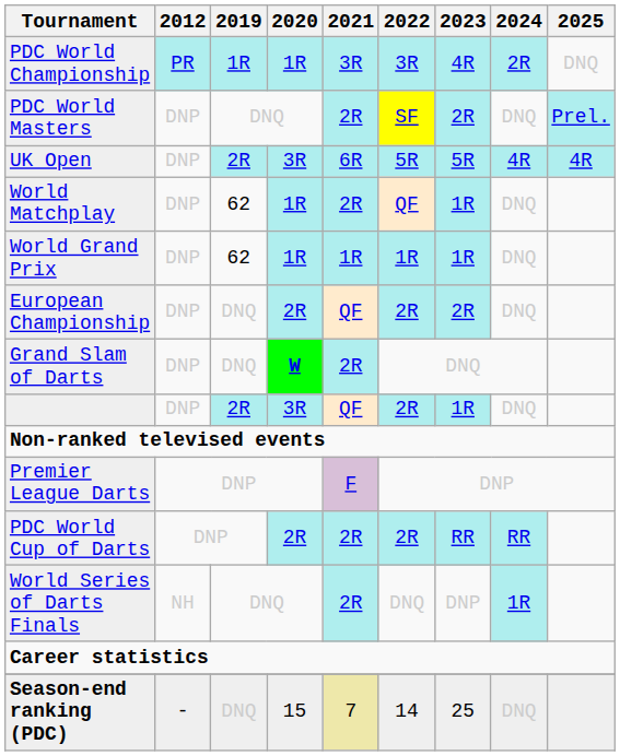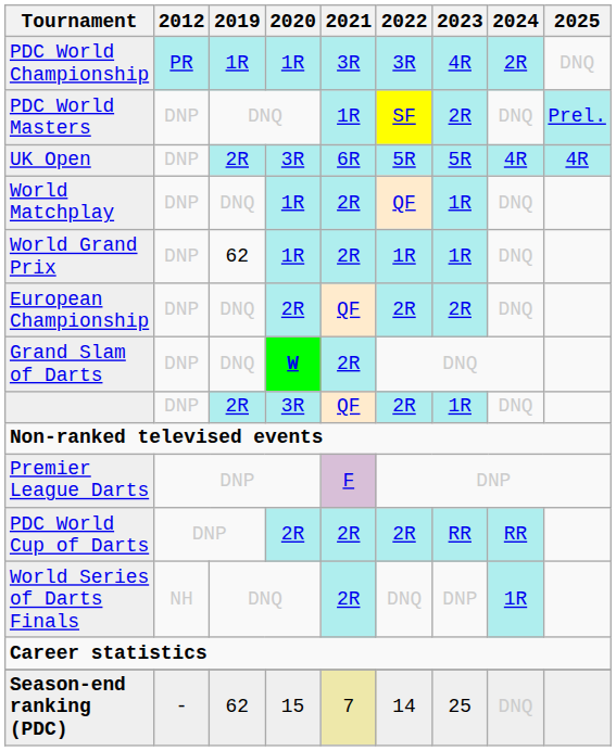 <table class="wikitable" style="width:30%; margin:0">
 <tr>
 <th>Tournament</th>
 <th>2012</th>
 <th>2019</th>
 <th>2020</th>
 <th>2021</th>
 <th>2022</th>
 <th>2023</th>
 <th>2024</th>
 <th>2025</th>
 </tr>
 <tr>
 <td style="background:#efefef;"><a href='#'>PDC World Championship</a></td>
 <td style="text-align:center; background:#afeeee;"><a href='#'>PR</a></td>
 <td style="text-align:center; background:#afeeee;"><a href='#'>1R</a></td>
 <td style="text-align:center; background:#afeeee;"><a href='#'>1R</a></td>
 <td style="text-align:center; background:#afeeee;"><a href='#'>3R</a></td>
 <td style="text-align:center; background:#afeeee;"><a href='#'>3R</a></td>
 <td style="text-align:center; background:#afeeee;"><a href='#'>4R</a></td>
 <td style="text-align:center; background:#afeeee;"><a href='#'>2R</a></td>
 <td style="color:#ccc; text-align:center; color:#ccc;">DNQ</td>
 </tr>
 <tr>
 <td style="background:#efefef;"><a href='#'>PDC World Masters</a></td>
 <td style="color:#ccc; text-align:center; color:#ccc;">DNP</td>
 <td colspan="2" style="color:#ccc; text-align:center; color:#ccc;">DNQ</td>
-<td style="text-align:center; background:#afeeee;"><a href='#'>2R</a></td>
+<td style="text-align:center; background:#afeeee;"><a href='#'>1R</a></td>
 <td style="text-align:center; background:yellow;"><a href='#'>SF</a></td>
 <td style="text-align:center; background:#afeeee;"><a href='#'>2R</a></td>
 <td style="color:#ccc; text-align:center; color:#ccc;">DNQ</td>
 <td style="text-align:center; background:#afeeee;"><a href='#'>Prel.</a></td>
 </tr>
 <tr>
 <td style="background:#efefef;"><a href='#'>UK Open</a></td>
 <td style="color:#ccc; text-align:center; color:#ccc;">DNP</td>
 <td style="text-align:center; background:#afeeee;"><a href='#'>2R</a></td>
 <td style="text-align:center; background:#afeeee;"><a href='#'>3R</a></td>
 <td style="text-align:center; background:#afeeee;"><a href='#'>6R</a></td>
 <td style="text-align:center; background:#afeeee;"><a href='#'>5R</a></td>
 <td style="text-align:center; background:#afeeee;"><a href='#'>5R</a></td>
 <td style="text-align:center; background:#afeeee;"><a href='#'>4R</a></td>
 <td style="text-align:center; background:#afeeee;"><a href='#'>4R</a></td>
 </tr>
 <tr>
 <td style="background:#efefef;"><a href='#'>World Matchplay</a></td>
 <td style="color:#ccc; text-align:center; color:#ccc;">DNP</td>
-<td style="text-align:center;">62</td>
+<td style="color:#ccc; text-align:center; color:#ccc;">DNQ</td>
 <td style="text-align:center; background:#afeeee;"><a href='#'>1R</a></td>
 <td style="text-align:center; background:#afeeee;"><a href='#'>2R</a></td>
 <td style="text-align:center; background:#ffebcd;"><a href='#'>QF</a></td>
 <td style="text-align:center; background:#afeeee;"><a href='#'>1R</a></td>
 <td style="color:#ccc; text-align:center; color:#ccc;">DNQ</td>
 <td></td>
 </tr>
 <tr>
 <td style="background:#efefef;"><a href='#'>World Grand Prix</a></td>
 <td style="color:#ccc; text-align:center; color:#ccc;">DNP</td>
 <td style="text-align:center;">62</td>
 <td style="text-align:center; background:#afeeee;"><a href='#'>1R</a></td>
-<td style="text-align:center; background:#afeeee;"><a href='#'>1R</a></td>
+<td style="text-align:center; background:#afeeee;"><a href='#'>2R</a></td>
 <td style="text-align:center; background:#afeeee;"><a href='#'>1R</a></td>
 <td style="text-align:center; background:#afeeee;"><a href='#'>1R</a></td>
 <td style="color:#ccc; text-align:center; color:#ccc;">DNQ</td>
 <td></td>
 </tr>
 <tr>
 <td style="background:#efefef;"><a href='#'>European Championship</a></td>
 <td style="color:#ccc; text-align:center; color:#ccc;">DNP</td>
 <td style="color:#ccc; text-align:center; color:#ccc;">DNQ</td>
 <td style="text-align:center; background:#afeeee;"><a href='#'>2R</a></td>
 <td style="text-align:center; background:#ffebcd;"><a href='#'>QF</a></td>
 <td style="text-align:center; background:#afeeee;"><a href='#'>2R</a></td>
 <td style="text-align:center; background:#afeeee;"><a href='#'>2R</a></td>
 <td style="color:#ccc; text-align:center; color:#ccc;">DNQ</td>
 <td></td>
 </tr>
 <tr>
 <td style="background:#efefef;"><a href='#'>Grand Slam of Darts</a></td>
 <td style="color:#ccc; text-align:center; color:#ccc;">DNP</td>
 <td style="color:#ccc; text-align:center; color:#ccc;">DNQ</td>
 <td style="text-align:center; background:lime;"><a href='#'><strong>W</strong></a></td>
 <td style="text-align:center; background:#afeeee;"><a href='#'>2R</a></td>
 <td colspan="3" style="color:#ccc; text-align:center; color:#ccc;">DNQ</td>
 <td></td>
 </tr>
 <tr>
 <td style="background:#efefef;"></td>
 <td style="color:#ccc; text-align:center; color:#ccc;">DNP</td>
 <td style="text-align:center; background:#afeeee;"><a href='#'>2R</a></td>
 <td style="text-align:center; background:#afeeee;"><a href='#'>3R</a></td>
 <td style="text-align:center; background:#ffebcd;"><a href='#'>QF</a></td>
 <td style="text-align:center; background:#afeeee;"><a href='#'>2R</a></td>
 <td style="text-align:center; background:#afeeee;"><a href='#'>1R</a></td>
 <td style="color:#ccc; text-align:center; color:#ccc;">DNQ</td>
 <td></td>
 </tr>
 <tr>
 <td colspan="11" align="left"><strong>Non-ranked televised events</strong></td>
 </tr>
 <tr>
 <td style="background:#efefef;"><a href='#'>Premier League Darts</a></td>
 <td colspan="3" style="color:#ccc; text-align:center; color:#ccc;">DNP</td>
 <td style="text-align:center; background:thistle;"><a href='#'>F</a></td>
 <td colspan="4" style="text-align:center; color:#ccc;">DNP</td>
 </tr>
 <tr>
 <td style="background:#efefef;"><a href='#'>PDC World Cup of Darts</a></td>
 <td colspan="2" style="text-align:center; color:#ccc;">DNP</td>
 <td style="text-align:center; background:#afeeee;"><a href='#'>2R</a></td>
 <td style="text-align:center; background:#afeeee;"><a href='#'>2R</a></td>
 <td style="text-align:center; background:#afeeee;"><a href='#'>2R</a></td>
 <td style="text-align:center; background:#afeeee;"><a href='#'>RR</a></td>
 <td style="text-align:center; background:#afeeee;"><a href='#'>RR</a></td>
 <td></td>
 </tr>
 <tr>
 <td style="background:#efefef;"><a href='#'>World Series of Darts Finals</a></td>
 <td style="color:#ccc; text-align:center; color:#ccc;">NH</td>
 <td colspan="2" style="color:#ccc; text-align:center; color:#ccc;">DNQ</td>
 <td style="text-align:center; background:#afeeee;"><a href='#'>2R</a></td>
 <td style="color:#ccc; text-align:center; color:#ccc;">DNQ</td>
 <td style="color:#ccc; text-align:center; color:#ccc;">DNP</td>
 <td style="text-align:center; background:#afeeee;"><a href='#'>1R</a></td>
 <td></td>
 </tr>
 <tr>
 <td colspan="15" align="left"><strong>Career statistics</strong></td>
 </tr>
 <tr>
 </tr>
 <tr bgcolor="efefef">
 <td align="left"><strong>Season-end ranking (PDC)</strong></td>
 <td style="text-align:center;">-</td>
-<td style="color:#ccc; text-align:center; color:#ccc;">DNQ</td>
+<td style="text-align:center;">62</td>
 <td style="text-align:center;">15</td>
 <td style="text-align:center; background:#eee8aa;">7</td>
 <td style="text-align:center;">14</td>
 <td style="text-align:center;">25</td>
 <td style="color:#ccc; text-align:center; color:#ccc;">DNQ</td>
 <td></td>
 </tr>
 </table>
